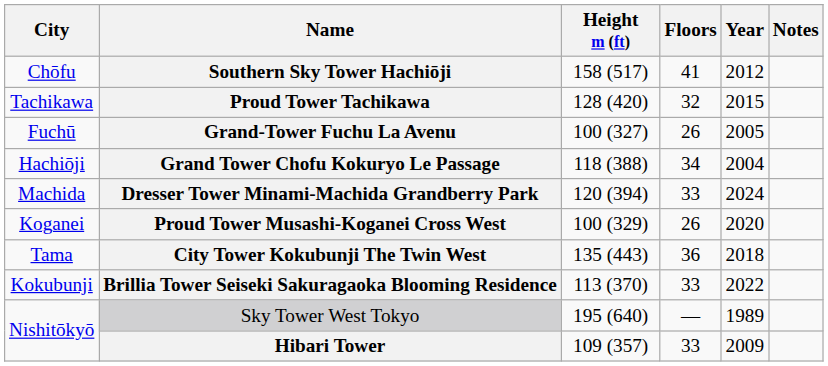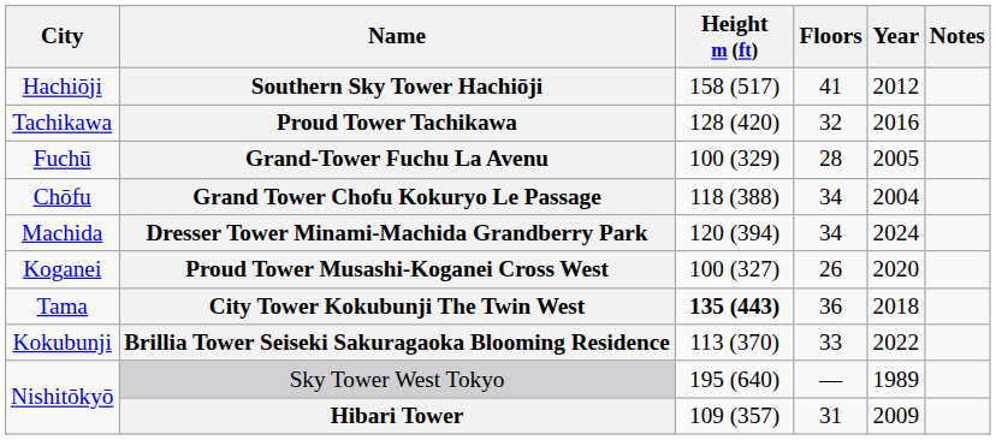 <table class="wikitable sortable plainrowheaders">
 <tr>
 <th scope="col">City</th>
 <th scope="col">Name</th>
 <th scope="col" width="75px">Height<br><small><a href='#'>m</a> (<a href='#'>ft</a>)</small></th>
 <th scope="col">Floors</th>
 <th scope="col">Year</th>
 <th class="unsortable" scope="col">Notes</th>
 </tr>
 <tr>
-<td align="center"><a href='#'>Chōfu</a></td>
+<td align="center"><a href='#'>Hachiōji</a></td>
 <th scope="row" style="text-align:center">Southern Sky Tower Hachiōji</th>
 <td align="center">158 (517)</td>
 <td align="center">41</td>
 <td align="center">2012</td>
 <td></td>
 </tr>
 <tr>
 <td align="center"><a href='#'>Tachikawa</a></td>
 <th scope="row" style="text-align:center">Proud Tower Tachikawa</th>
 <td align="center">128 (420)</td>
 <td align="center">32</td>
-<td align="center">2015</td>
+<td align="center">2016</td>
 <td></td>
 </tr>
 <tr>
 <td align="center"><a href='#'>Fuchū</a></td>
 <th scope="row" style="text-align:center">Grand-Tower Fuchu La Avenu</th>
-<td align="center">100 (327)</td>
-<td align="center">26</td>
+<td align="center">100 (329)</td>
+<td align="center">28</td>
 <td align="center">2005</td>
 <td></td>
 </tr>
 <tr>
-<td align="center"><a href='#'>Hachiōji</a></td>
+<td align="center"><a href='#'>Chōfu</a></td>
 <th scope="row" style="text-align:center">Grand Tower Chofu Kokuryo Le Passage</th>
 <td align="center">118 (388)</td>
 <td align="center">34</td>
 <td align="center">2004</td>
 <td></td>
 </tr>
 <tr>
 <td align="center"><a href='#'>Machida</a></td>
 <th scope="row" style="text-align:center">Dresser Tower Minami-Machida Grandberry Park</th>
 <td align="center">120 (394)</td>
-<td align="center">33</td>
+<td align="center">34</td>
 <td align="center">2024</td>
 <td></td>
 </tr>
 <tr>
 <td align="center"><a href='#'>Koganei</a></td>
 <th scope="row" style="text-align:center">Proud Tower Musashi-Koganei Cross West</th>
-<td align="center">100 (329)</td>
+<td align="center">100 (327)</td>
 <td align="center">26</td>
 <td align="center">2020</td>
 <td></td>
 </tr>
 <tr>
 <td align="center"><a href='#'>Tama</a></td>
 <th scope="row" style="text-align:center">City Tower Kokubunji The Twin West</th>
-<td align="center">135 (443)</td>
+<td align="center"><strong>135 (443)</strong></td>
 <td align="center">36</td>
 <td align="center">2018</td>
 <td></td>
 </tr>
 <tr>
 <td align="center"><a href='#'>Kokubunji</a></td>
 <th scope="row" style="text-align:center">Brillia Tower Seiseki Sakuragaoka Blooming Residence</th>
 <td align="center">113 (370)</td>
 <td align="center">33</td>
 <td align="center">2022</td>
 <td></td>
 </tr>
 <tr>
 <td align="center" rowspan="2"><a href='#'>Nishitōkyō</a></td>
 <td !scope="row" style="text-align:center; background-color:#d0d0d2;">Sky Tower West Tokyo</td>
 <td align="center" style>195 (640)</td>
 <td align="center" style>—</td>
 <td align="center" style style="background: khaki;">1989</td>
 <td style></td>
 </tr>
 <tr>
 <th scope="row" style="text-align:center">Hibari Tower</th>
 <td align="center">109 (357)</td>
-<td align="center">33</td>
+<td align="center">31</td>
 <td align="center">2009</td>
 <td></td>
 </tr>
 </table>
